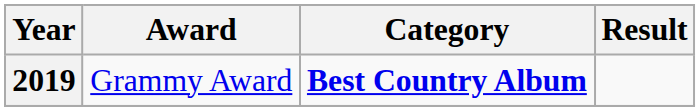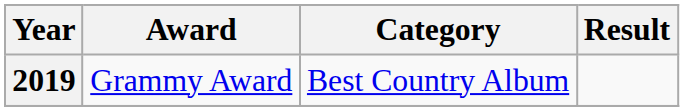 <table class="wikitable sortable plainrowheaders">
 <tr>
 <th>Year</th>
 <th>Award</th>
 <th>Category</th>
 <th>Result</th>
 </tr>
 <tr>
 <th>2019</th>
 <td><a href='#'>Grammy Award</a></td>
-<td><strong><a href='#'>Best Country Album</a></strong></td>
+<td><a href='#'>Best Country Album</a></td>
 <td></td>
 </tr>
 <tr>
 </tr>
 </table>
